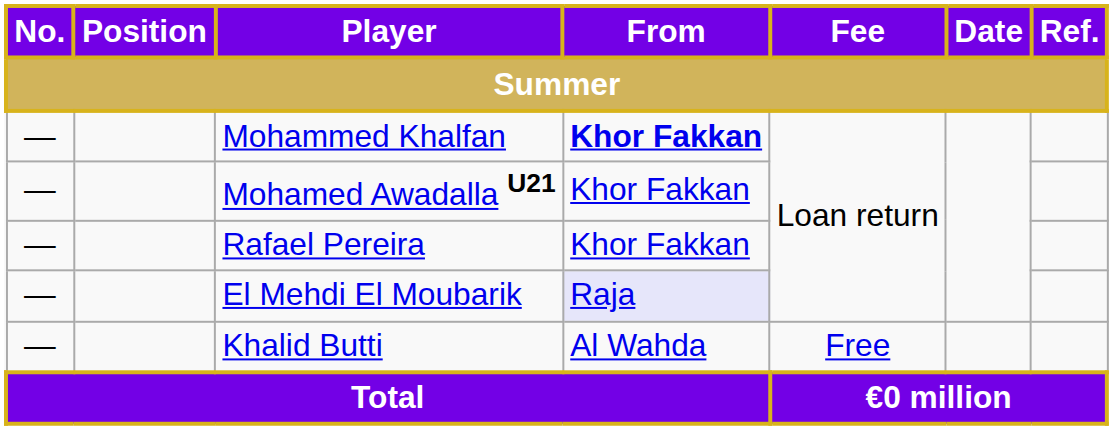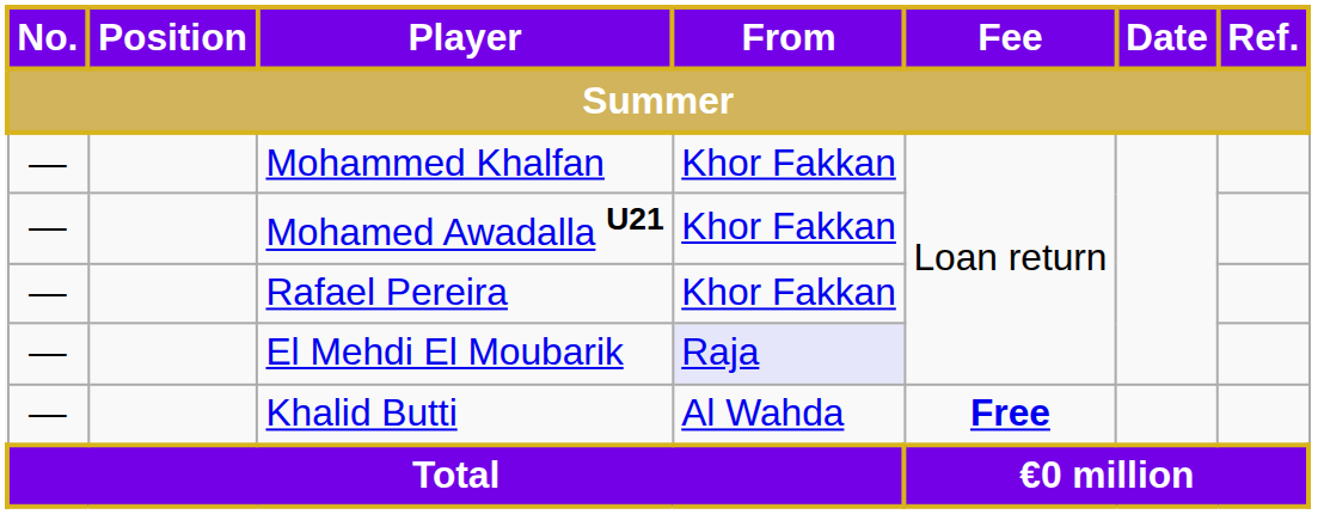 <table class="wikitable" style="text-align:center;">
 <tr>
 <th style="color:#FFFFFF; background:#7300E6; border:2px solid #D8B31B;">No.</th>
 <th style="color:#FFFFFF; background:#7300E6; border:2px solid #D8B31B;">Position</th>
 <th style="color:#FFFFFF; background:#7300E6; border:2px solid #D8B31B;">Player</th>
 <th style="color:#FFFFFF; background:#7300E6; border:2px solid #D8B31B;">From</th>
 <th style="color:#FFFFFF; background:#7300E6; border:2px solid #D8B31B;">Fee</th>
 <th style="color:#FFFFFF; background:#7300E6; border:2px solid #D8B31B;">Date</th>
 <th style="color:#FFFFFF; background:#7300E6; border:2px solid #D8B31B;">Ref.</th>
 </tr>
 <tr>
 <th colspan=7 style="color:#FFFFFF; background:#D1B45B; border:2px solid #D8B31B;">Summer</th>
 </tr>
 <tr>
 <td>—</td>
 <td></td>
 <td align=left> <a href='#'>Mohammed Khalfan</a></td>
-<td align=left><strong> <a href='#'>Khor Fakkan</a></strong></td>
+<td align=left> <a href='#'>Khor Fakkan</a></td>
 <td rowspan=4>Loan return</td>
 <td rowspan=4></td>
 </tr>
 <tr>
 <td>—</td>
 <td align=center></td>
 <td align=left> <a href='#'>Mohamed Awadalla</a> <sup><strong>U21</strong></sup></td>
 <td align=left> <a href='#'>Khor Fakkan</a></td>
 <td></td>
 </tr>
 <tr>
 <td>—</td>
 <td align=center></td>
 <td align=left> <a href='#'>Rafael Pereira</a></td>
 <td align=left> <a href='#'>Khor Fakkan</a></td>
 </tr>
 <tr>
 <td>—</td>
 <td align=center></td>
 <td align=left> <a href='#'>El Mehdi El Moubarik</a></td>
 <td align=left style="background: lavender;"> <a href='#'>Raja</a></td>
 <td></td>
 </tr>
 <tr>
 <td>—</td>
 <td align=center></td>
 <td align=left> <a href='#'>Khalid Butti</a></td>
 <td align=left> <a href='#'>Al Wahda</a></td>
-<td><a href='#'>Free</a></td>
+<td><strong><a href='#'>Free</a></strong></td>
 <td></td>
 <td></td>
 </tr>
 <tr>
 <th colspan="4" style="color:#FFFFFF; background:#7300E6; border:2px solid #D8B31B;">Total</th>
 <th colspan="3" style="color:#FFFFFF; background:#7300E6; border:2px solid #D8B31B;">€0 million</th>
 </tr>
 </table>
